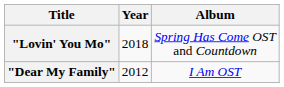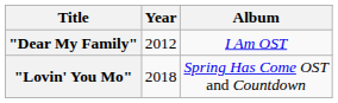 <table class="wikitable plainrowheaders" style="text-align:center;">
 <tr>
 <th scope="col">Title</th>
 <th scope="col">Year</th>
 <th scope="col">Album</th>
 </tr>
 <tr>
+<th scope="row">"Dear My Family"</th>
+<td>2012</td>
+<td><a href='#'><em>I Am OST</em></a></td>
+</tr>
+<tr>
 <th scope="row">"Lovin' You Mo"</th>
 <td>2018</td>
 <td><em><a href='#'>Spring Has Come</a> OST</em><br>and <em>Countdown</em></td>
 </tr>
-<tr>
-<th scope="row">"Dear My Family"</th>
-<td>2012</td>
-<td><a href='#'><em>I Am OST</em></a></td>
-</tr>
 </table>
